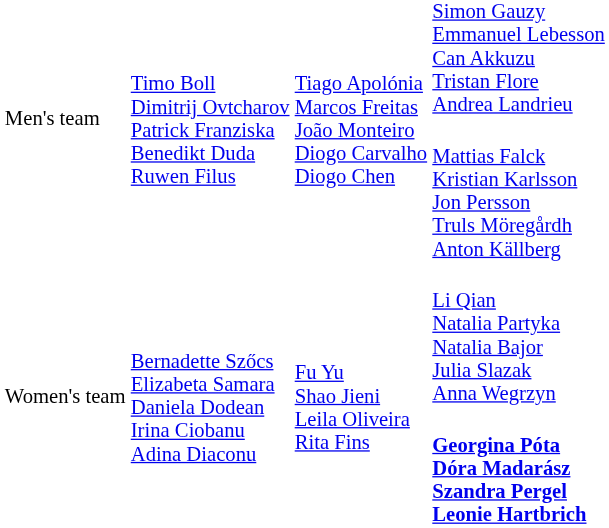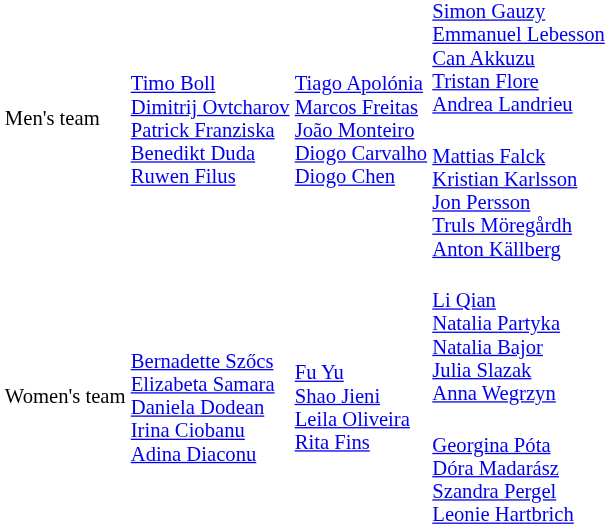 <table>
 <tr>
 <td rowspan=2>Men's team <br></td>
 <td rowspan=2><br><a href='#'>Timo Boll</a><br><a href='#'>Dimitrij Ovtcharov</a><br><a href='#'>Patrick Franziska</a><br><a href='#'>Benedikt Duda</a><br><a href='#'>Ruwen Filus</a></td>
 <td rowspan=2><br><a href='#'>Tiago Apolónia</a><br><a href='#'>Marcos Freitas</a><br><a href='#'>João Monteiro</a><br><a href='#'>Diogo Carvalho</a><br><a href='#'>Diogo Chen</a></td>
 <td><br><a href='#'>Simon Gauzy</a><br><a href='#'>Emmanuel Lebesson</a><br><a href='#'>Can Akkuzu</a><br><a href='#'>Tristan Flore</a><br><a href='#'>Andrea Landrieu</a></td>
 </tr>
 <tr>
 <td><br><a href='#'>Mattias Falck</a><br><a href='#'>Kristian Karlsson</a><br><a href='#'>Jon Persson</a><br><a href='#'>Truls Möregårdh</a><br><a href='#'>Anton Källberg</a></td>
 </tr>
 <tr>
 <td rowspan=2>Women's team <br></td>
 <td rowspan=2><br><a href='#'>Bernadette Szőcs</a><br><a href='#'>Elizabeta Samara</a><br><a href='#'>Daniela Dodean</a><br><a href='#'>Irina Ciobanu</a><br><a href='#'>Adina Diaconu</a></td>
 <td rowspan=2><br><a href='#'>Fu Yu</a><br><a href='#'>Shao Jieni</a><br><a href='#'>Leila Oliveira</a><br><a href='#'>Rita Fins</a></td>
 <td><br><a href='#'>Li Qian</a><br><a href='#'>Natalia Partyka</a><br><a href='#'>Natalia Bajor</a><br><a href='#'>Julia Slazak</a><br><a href='#'>Anna Wegrzyn</a></td>
 </tr>
 <tr>
-<td><strong><br><a href='#'>Georgina Póta</a><br><a href='#'>Dóra Madarász</a><br><a href='#'>Szandra Pergel</a><br><a href='#'>Leonie Hartbrich</a></strong></td>
+<td><br><a href='#'>Georgina Póta</a><br><a href='#'>Dóra Madarász</a><br><a href='#'>Szandra Pergel</a><br><a href='#'>Leonie Hartbrich</a></td>
 </tr>
 </table>
